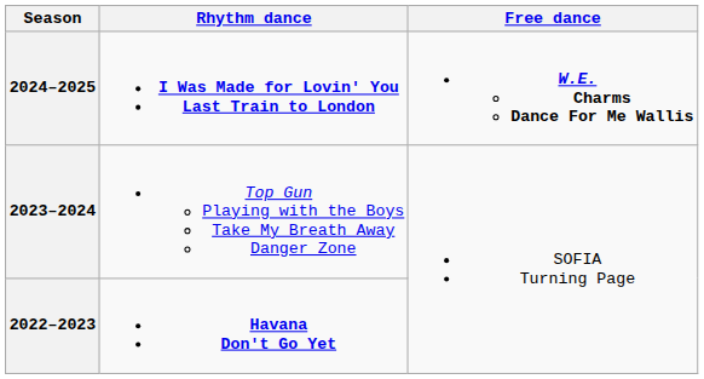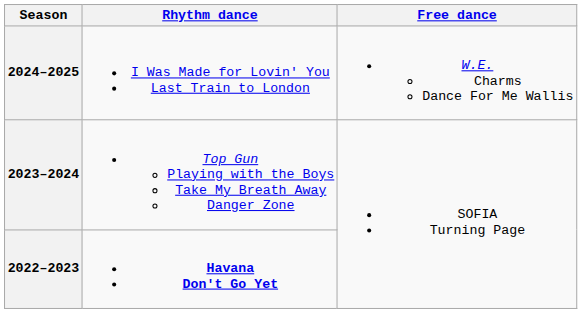 <table class=wikitable style=text-align:center>
 <tr>
 <th>Season</th>
 <th><a href='#'>Rhythm dance</a></th>
 <th><a href='#'>Free dance</a></th>
 </tr>
 <tr>
 <th>2024–2025 <br> </th>
-<td><strong><br><ul><li><a href='#'>I Was Made for Lovin' You</a> <br> </li><li><a href='#'>Last Train to London</a> <br> </li></ul></strong></td>
-<td><strong><br><ul><li><em><a href='#'>W.E.</a></em><ul><li>Charms</li><li>Dance For Me Wallis <br> </li></ul></li></ul></strong></td>
+<td><br><ul><li><a href='#'>I Was Made for Lovin' You</a> <br> </li><li><a href='#'>Last Train to London</a> <br> </li></ul></td>
+<td><br><ul><li><em><a href='#'>W.E.</a></em><ul><li>Charms</li><li>Dance For Me Wallis <br> </li></ul></li></ul></td>
 </tr>
 <tr>
 <th>2023–2024 <br> </th>
 <td><br><ul><li><em><a href='#'>Top Gun</a></em><ul><li><a href='#'>Playing with the Boys</a> <br> </li><li><a href='#'>Take My Breath Away</a> <br> </li><li><a href='#'>Danger Zone</a> <br> </li></ul></li></ul></td>
 <td rowspan=2><br><ul><li>SOFIA <br> </li><li>Turning Page <br> </li></ul></td>
 </tr>
 <tr>
 <th>2022–2023 <br> </th>
 <td><strong><br><ul><li><a href='#'>Havana</a></li><li><a href='#'>Don't Go Yet</a> <br> </li></ul></strong></td>
 </tr>
 </table>
